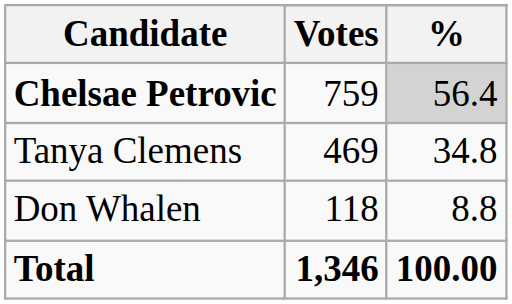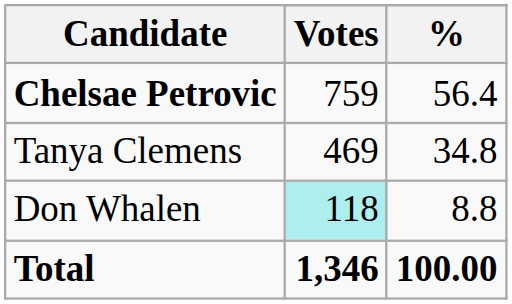 <table class="wikitable">
 <tr>
 <th rowspan=2>Candidate</th>
 </tr>
 <tr>
 <th>Votes</th>
 <th>%</th>
 </tr>
 <tr>
 <td><strong>Chelsae Petrovic</strong></td>
 <td style="text-align:right">759</td>
-<td style="background: lightgrey; text-align:right">56.4</td>
+<td style="text-align:right">56.4</td>
 </tr>
 <tr>
 <td>Tanya Clemens</td>
 <td style="text-align:right">469</td>
 <td style="text-align:right">34.8</td>
 </tr>
 <tr>
 <td>Don Whalen</td>
-<td style="text-align:right">118</td>
+<td style="background: paleturquoise; text-align:right">118</td>
 <td style="text-align:right">8.8</td>
 </tr>
 <tr>
 <td><strong>Total</strong></td>
 <td style="text-align:right"><strong>1,346</strong></td>
 <td style="text-align:right"><strong>100.00</strong></td>
 </tr>
 </table>
